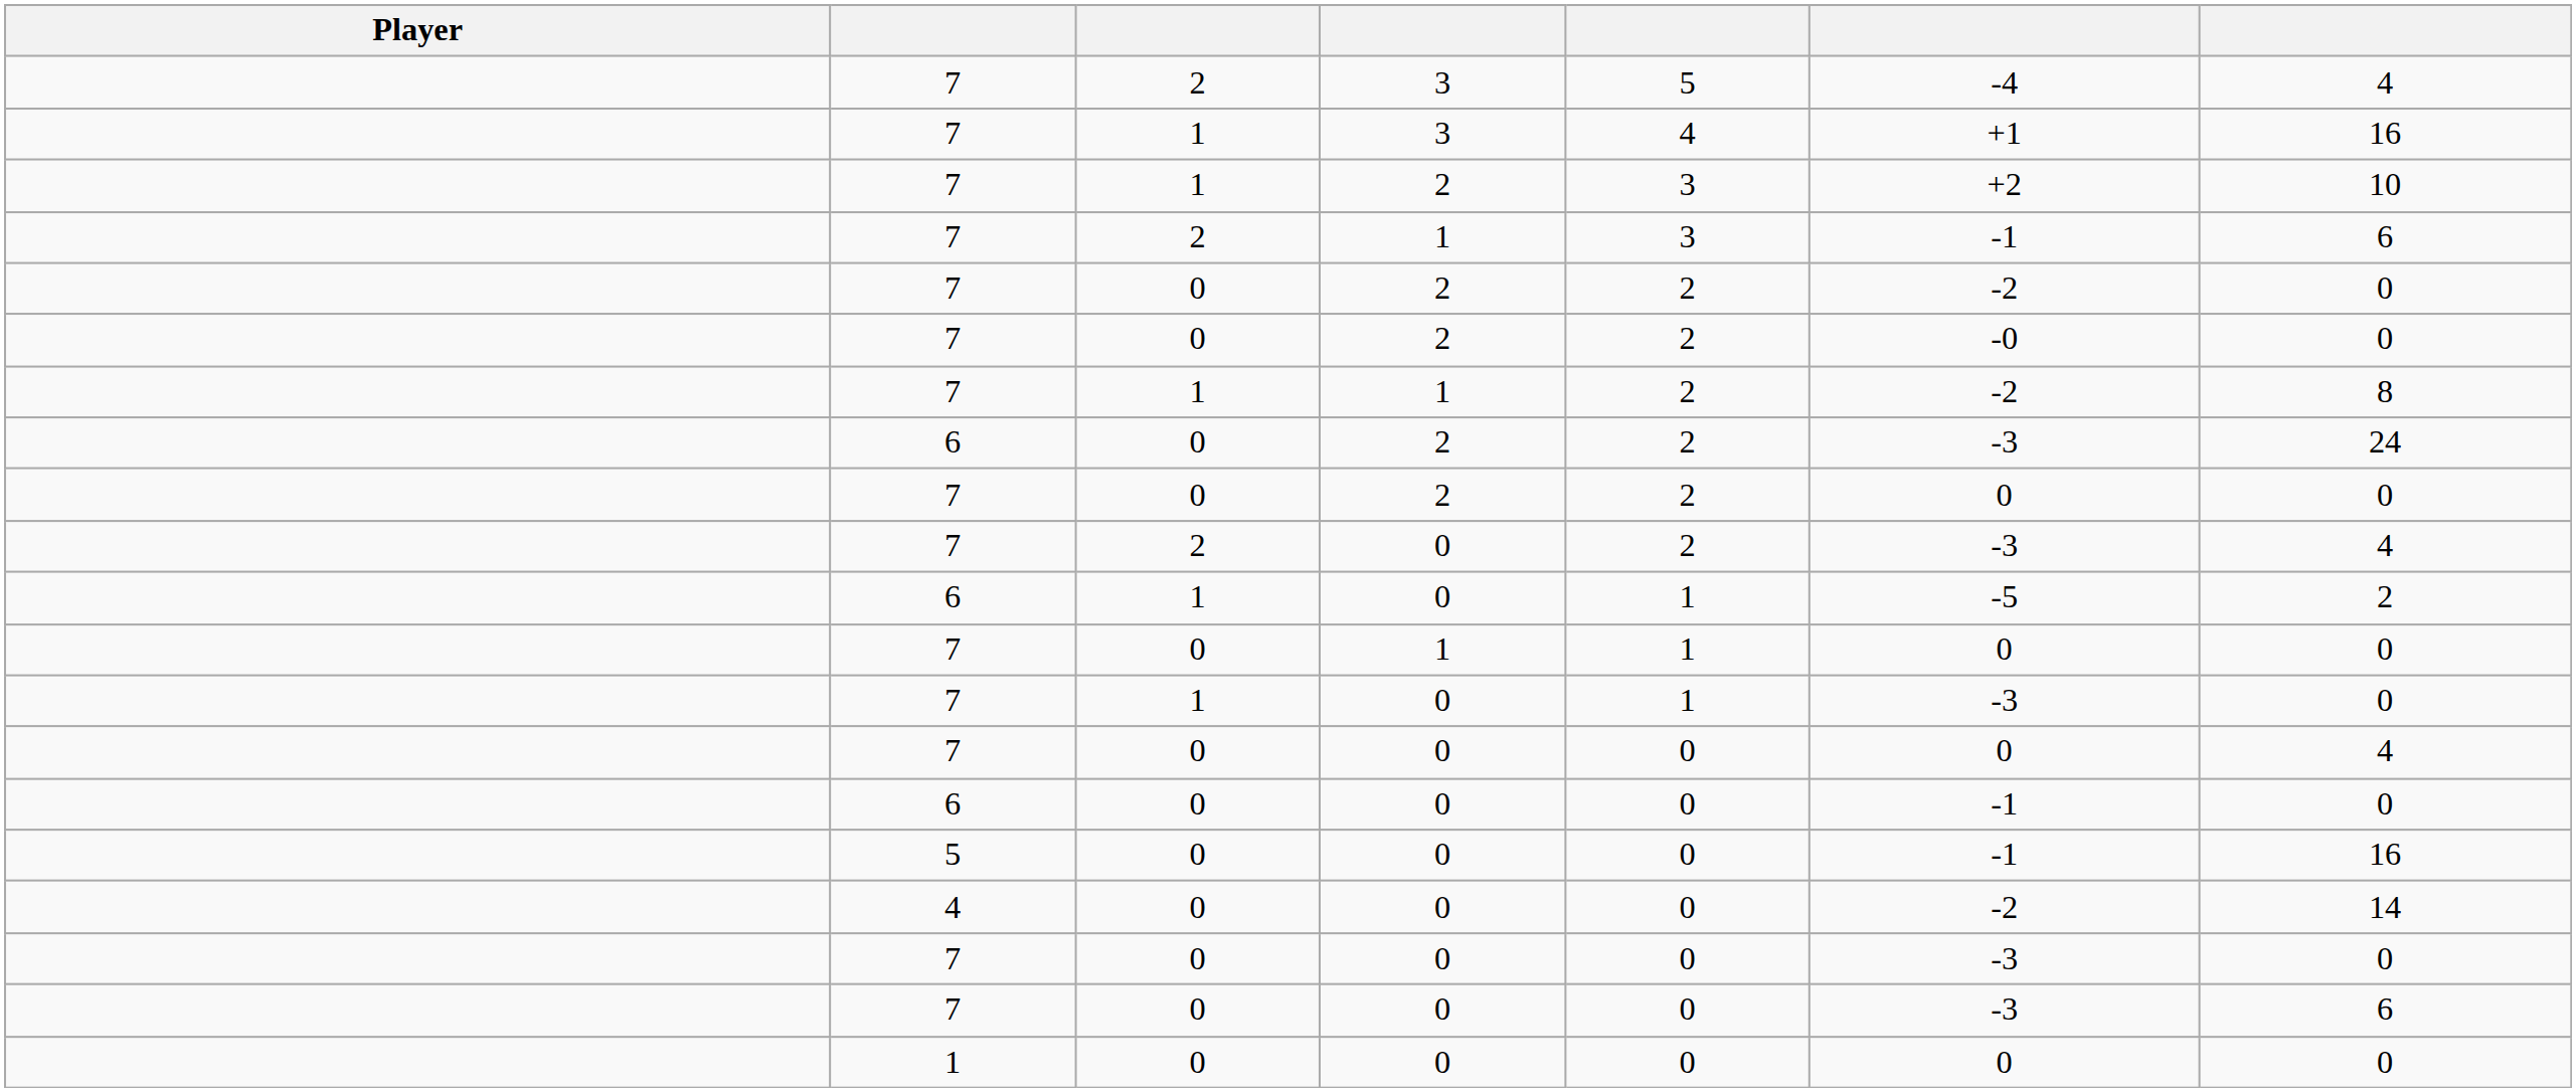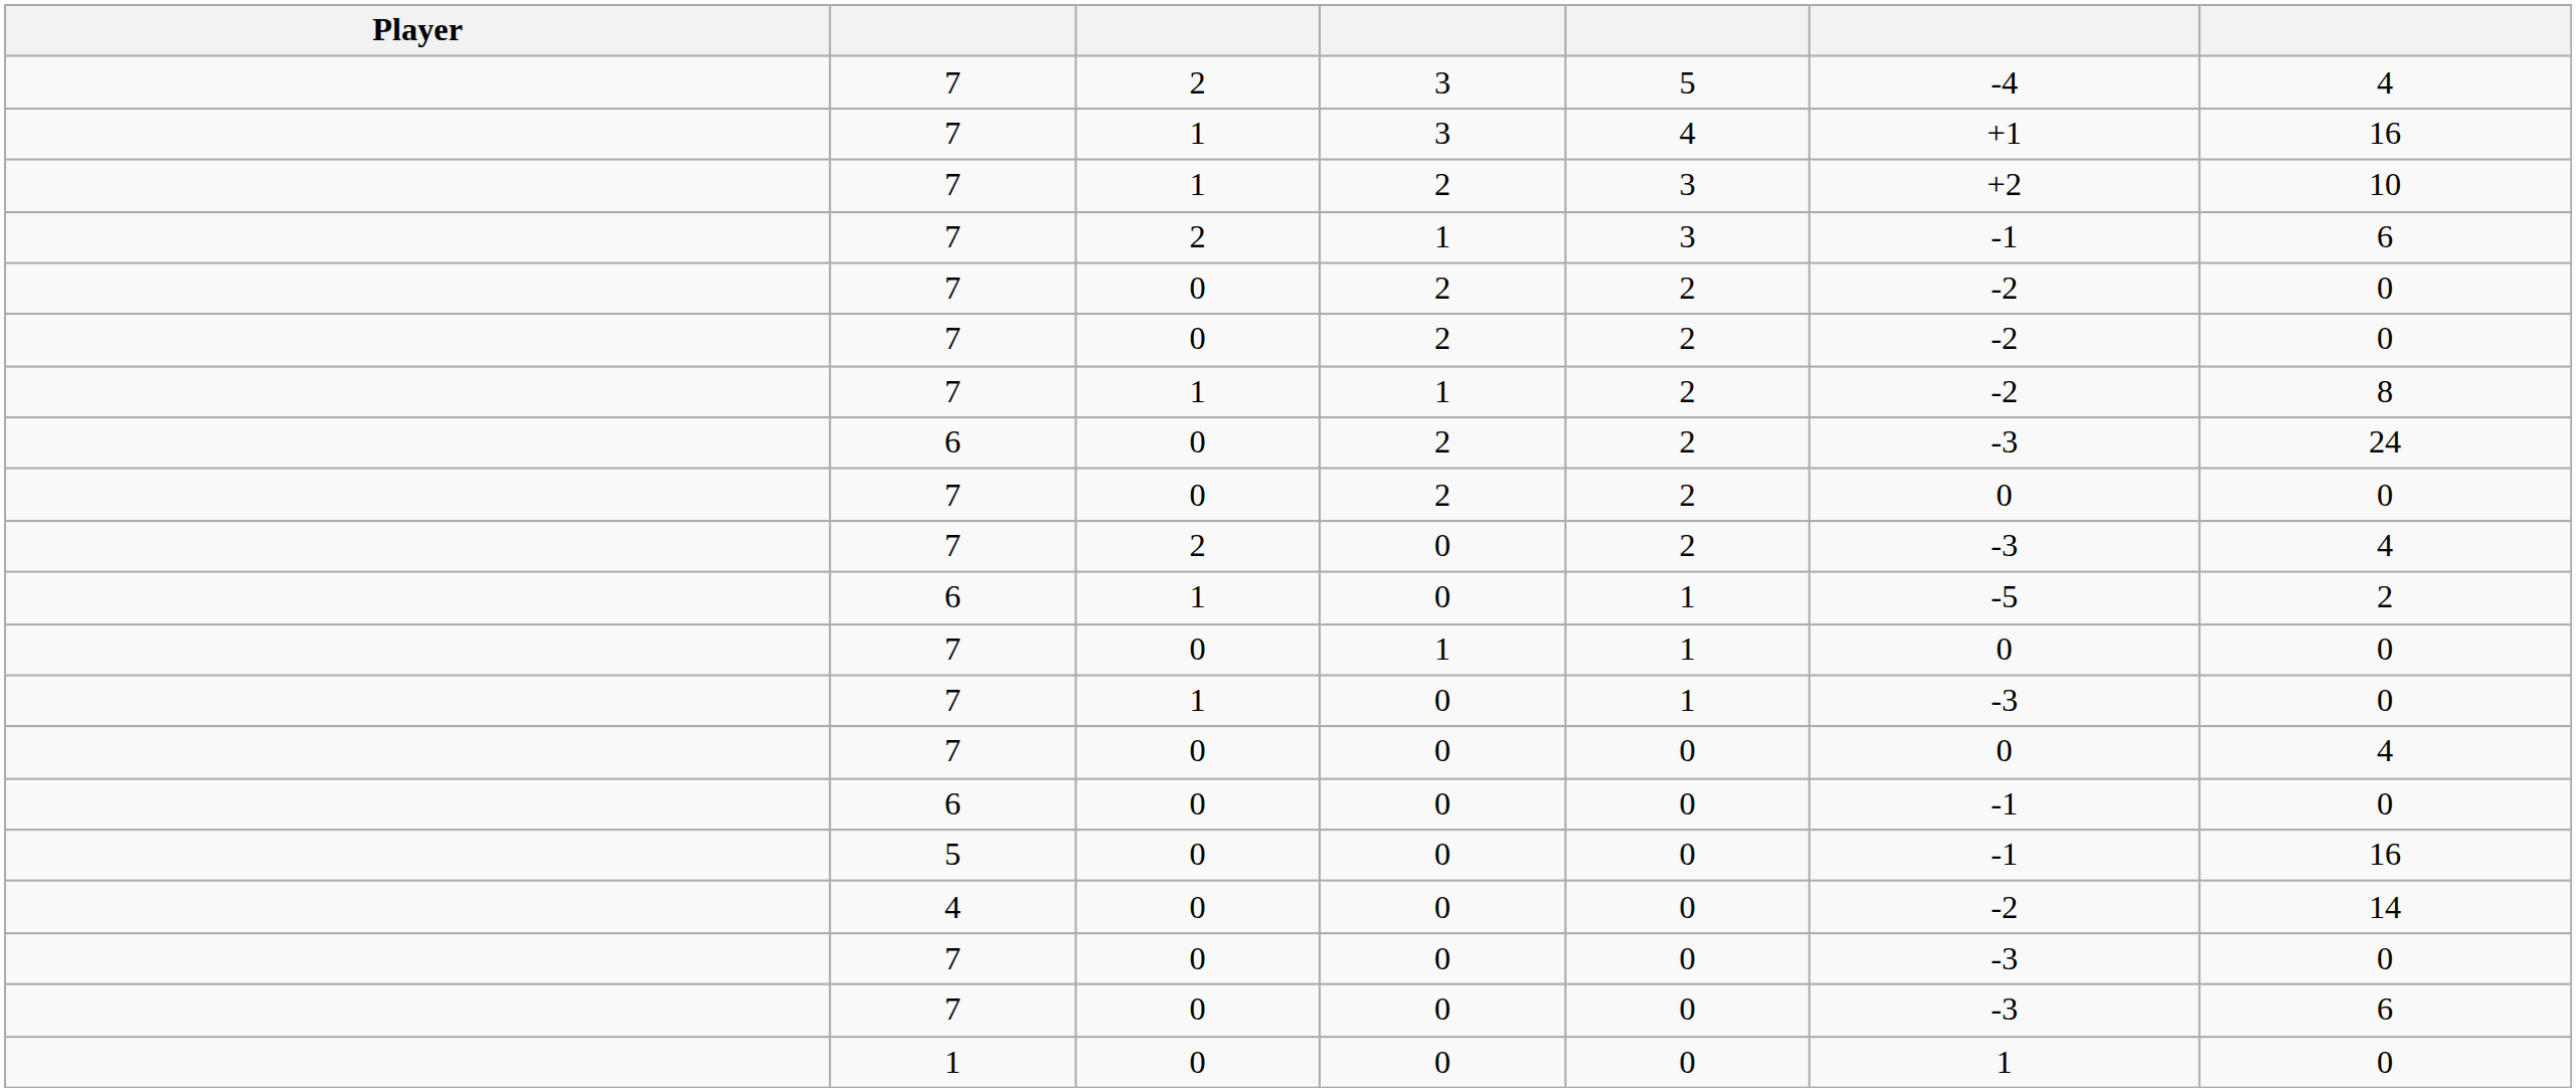 <table class="wikitable sortable" style="width:100%;">
 <tr align=center>
 <th>Player</th>
 <th></th>
 <th></th>
 <th></th>
 <th></th>
 <th data-sort-type="number"></th>
 <th></th>
 </tr>
 <tr align=center>
 <td></td>
 <td>7</td>
 <td>2</td>
 <td>3</td>
 <td>5</td>
 <td>-4</td>
 <td>4</td>
 </tr>
 <tr align=center>
 <td></td>
 <td>7</td>
 <td>1</td>
 <td>3</td>
 <td>4</td>
 <td>+1</td>
 <td>16</td>
 </tr>
 <tr align=center>
 <td></td>
 <td>7</td>
 <td>1</td>
 <td>2</td>
 <td>3</td>
 <td>+2</td>
 <td>10</td>
 </tr>
 <tr align=center>
 <td></td>
 <td>7</td>
 <td>2</td>
 <td>1</td>
 <td>3</td>
 <td>-1</td>
 <td>6</td>
 </tr>
 <tr align=center>
 <td></td>
 <td>7</td>
 <td>0</td>
 <td>2</td>
 <td>2</td>
 <td>-2</td>
 <td>0</td>
 </tr>
 <tr align=center>
 <td></td>
 <td>7</td>
 <td>0</td>
 <td>2</td>
 <td>2</td>
-<td>-0</td>
+<td>-2</td>
 <td>0</td>
 </tr>
 <tr align=center>
 <td></td>
 <td>7</td>
 <td>1</td>
 <td>1</td>
 <td>2</td>
 <td>-2</td>
 <td>8</td>
 </tr>
 <tr align=center>
 <td></td>
 <td>6</td>
 <td>0</td>
 <td>2</td>
 <td>2</td>
 <td>-3</td>
 <td>24</td>
 </tr>
 <tr align=center>
 <td></td>
 <td>7</td>
 <td>0</td>
 <td>2</td>
 <td>2</td>
 <td>0</td>
 <td>0</td>
 </tr>
 <tr align=center>
 <td></td>
 <td>7</td>
 <td>2</td>
 <td>0</td>
 <td>2</td>
 <td>-3</td>
 <td>4</td>
 </tr>
 <tr align=center>
 <td></td>
 <td>6</td>
 <td>1</td>
 <td>0</td>
 <td>1</td>
 <td>-5</td>
 <td>2</td>
 </tr>
 <tr align=center>
 <td></td>
 <td>7</td>
 <td>0</td>
 <td>1</td>
 <td>1</td>
 <td>0</td>
 <td>0</td>
 </tr>
 <tr align=center>
 <td></td>
 <td>7</td>
 <td>1</td>
 <td>0</td>
 <td>1</td>
 <td>-3</td>
 <td>0</td>
 </tr>
 <tr align=center>
 <td></td>
 <td>7</td>
 <td>0</td>
 <td>0</td>
 <td>0</td>
 <td>0</td>
 <td>4</td>
 </tr>
 <tr align=center>
 <td></td>
 <td>6</td>
 <td>0</td>
 <td>0</td>
 <td>0</td>
 <td>-1</td>
 <td>0</td>
 </tr>
 <tr align=center>
 <td></td>
 <td>5</td>
 <td>0</td>
 <td>0</td>
 <td>0</td>
 <td>-1</td>
 <td>16</td>
 </tr>
 <tr align=center>
 <td></td>
 <td>4</td>
 <td>0</td>
 <td>0</td>
 <td>0</td>
 <td>-2</td>
 <td>14</td>
 </tr>
 <tr align=center>
 <td></td>
 <td>7</td>
 <td>0</td>
 <td>0</td>
 <td>0</td>
 <td>-3</td>
 <td>0</td>
 </tr>
 <tr align=center>
 <td></td>
 <td>7</td>
 <td>0</td>
 <td>0</td>
 <td>0</td>
 <td>-3</td>
 <td>6</td>
 </tr>
 <tr align=center>
 <td></td>
 <td>1</td>
 <td>0</td>
 <td>0</td>
 <td>0</td>
-<td>0</td>
+<td>1</td>
 <td>0</td>
 </tr>
 </table>
